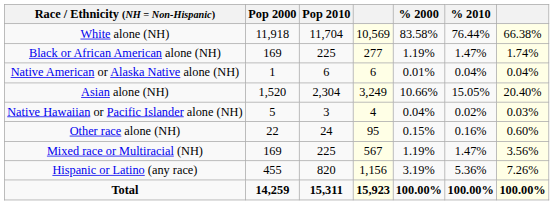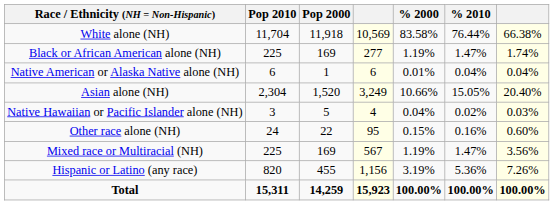 <table class="wikitable"  style="text-align:center;">
 <tr>
 <th>Race / Ethnicity <small>(<em>NH = Non-Hispanic</em>)</small></th>
+<th>Pop 2010</th>
 <th>Pop 2000</th>
-<th>Pop 2010</th>
 <th></th>
 <th>% 2000</th>
 <th>% 2010</th>
 <th></th>
 </tr>
 <tr>
 <td><a href='#'>White</a> alone (NH)</td>
+<td>11,704</td>
 <td>11,918</td>
-<td>11,704</td>
 <td style='background: #ffffe6;'>10,569</td>
 <td>83.58%</td>
 <td>76.44%</td>
 <td style='background: #ffffe6;'>66.38%</td>
 </tr>
 <tr>
 <td><a href='#'>Black or African American</a> alone (NH)</td>
+<td>225</td>
 <td>169</td>
-<td>225</td>
 <td style='background: #ffffe6;'>277</td>
 <td>1.19%</td>
 <td>1.47%</td>
 <td style='background: #ffffe6;'>1.74%</td>
 </tr>
 <tr>
 <td><a href='#'>Native American</a> or <a href='#'>Alaska Native</a> alone (NH)</td>
+<td>6</td>
 <td>1</td>
-<td>6</td>
 <td style='background: #ffffe6;'>6</td>
 <td>0.01%</td>
 <td>0.04%</td>
 <td style='background: #ffffe6;'>0.04%</td>
 </tr>
 <tr>
 <td><a href='#'>Asian</a> alone (NH)</td>
+<td>2,304</td>
 <td>1,520</td>
-<td>2,304</td>
 <td style='background: #ffffe6;'>3,249</td>
 <td>10.66%</td>
 <td>15.05%</td>
 <td style='background: #ffffe6;'>20.40%</td>
 </tr>
 <tr>
 <td><a href='#'>Native Hawaiian</a> or <a href='#'>Pacific Islander</a> alone (NH)</td>
+<td>3</td>
 <td>5</td>
-<td>3</td>
 <td style='background: #ffffe6;'>4</td>
 <td>0.04%</td>
 <td>0.02%</td>
 <td style='background: #ffffe6;'>0.03%</td>
 </tr>
 <tr>
 <td><a href='#'>Other race</a> alone (NH)</td>
+<td>24</td>
 <td>22</td>
-<td>24</td>
 <td style='background: #ffffe6;'>95</td>
 <td>0.15%</td>
 <td>0.16%</td>
 <td style='background: #ffffe6;'>0.60%</td>
 </tr>
 <tr>
 <td><a href='#'>Mixed race or Multiracial</a> (NH)</td>
+<td>225</td>
 <td>169</td>
-<td>225</td>
 <td style='background: #ffffe6;'>567</td>
 <td>1.19%</td>
 <td>1.47%</td>
 <td style='background: #ffffe6;'>3.56%</td>
 </tr>
 <tr>
 <td><a href='#'>Hispanic or Latino</a> (any race)</td>
+<td>820</td>
 <td>455</td>
-<td>820</td>
 <td style='background: #ffffe6;'>1,156</td>
 <td>3.19%</td>
 <td>5.36%</td>
 <td style='background: #ffffe6;'>7.26%</td>
 </tr>
 <tr>
 <td><strong>Total</strong></td>
+<td><strong>15,311</strong></td>
 <td><strong>14,259</strong></td>
-<td><strong>15,311</strong></td>
 <td style='background: #ffffe6;'><strong>15,923</strong></td>
 <td><strong>100.00%</strong></td>
 <td><strong>100.00%</strong></td>
 <td style='background: #ffffe6;'><strong>100.00%</strong></td>
 </tr>
 </table>
